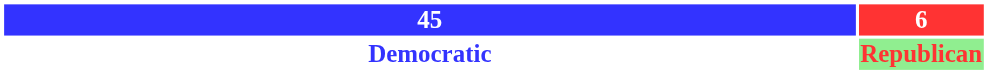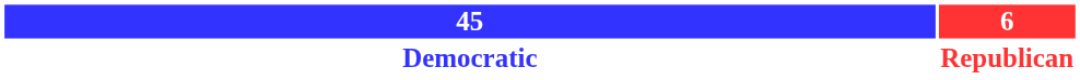 <table style="width:50%">
 <tr>
 <td scope="row" colspan="3" style="text-align:center"></td>
 </tr>
 <tr>
 <td scope="row" style="background:#33F; width:90.2%; text-align:center; color:white"><strong>45</strong></td>
 <td style="background:#F33; width:9.8%; text-align:center; color:white"><strong>6</strong></td>
 </tr>
 <tr>
 <td scope="row" style="text-align:center; color:#33F"><strong>Democratic</strong></td>
-<td style="background: lightgreen; text-align:center; color:#F33"><strong>Republican</strong></td>
+<td style="text-align:center; color:#F33"><strong>Republican</strong></td>
 </tr>
 </table>
